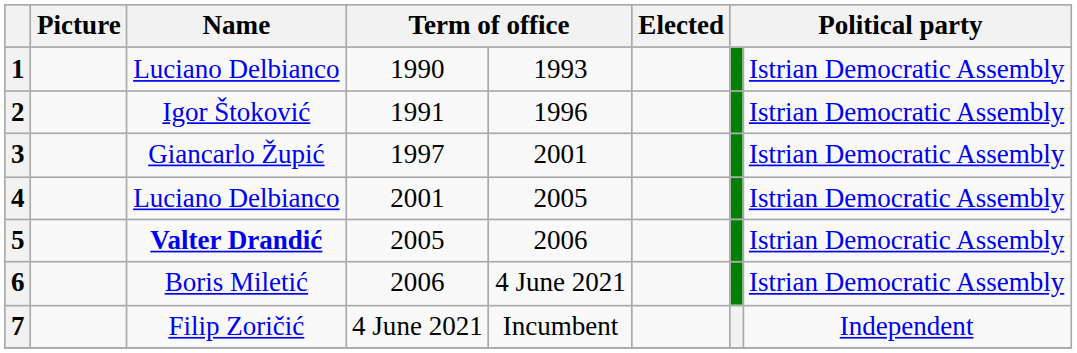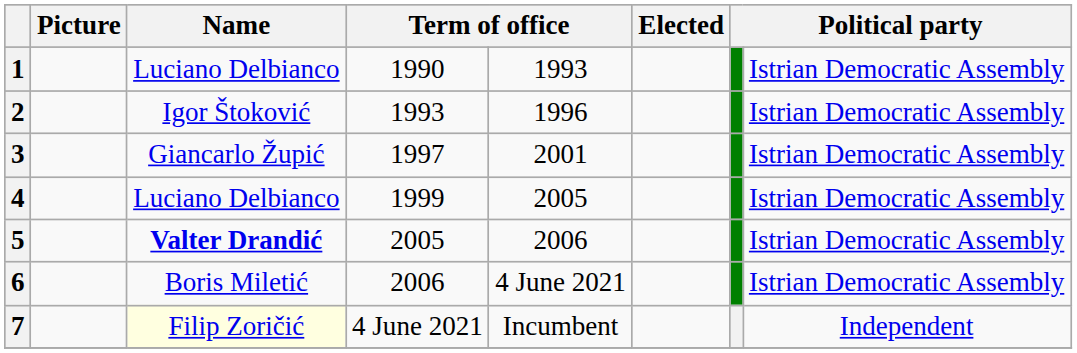 <table class="wikitable" style="text-align:center">
 <tr>
 <th></th>
 <th>Picture</th>
 <th>Name</th>
 <th colspan=2>Term of office</th>
 <th>Elected</th>
 <th colspan=2>Political party</th>
 </tr>
 <tr>
 <th><strong>1</strong></th>
 <td></td>
 <td><a href='#'>Luciano Delbianco</a></td>
 <td>1990</td>
 <td>1993</td>
 <td></td>
 <th style="background-color: green"></th>
 <td><a href='#'>Istrian Democratic Assembly</a></td>
 </tr>
 <tr>
 <th><strong>2</strong></th>
 <td></td>
 <td><a href='#'>Igor Štoković</a></td>
-<td>1991</td>
+<td>1993</td>
 <td>1996</td>
 <td></td>
 <th style="background-color: green"></th>
 <td><a href='#'>Istrian Democratic Assembly</a></td>
 </tr>
 <tr>
 <th><strong>3</strong></th>
 <td></td>
 <td><a href='#'>Giancarlo Župić</a></td>
 <td>1997</td>
 <td>2001</td>
 <td></td>
 <th style="background-color: green"></th>
 <td><a href='#'>Istrian Democratic Assembly</a></td>
 </tr>
 <tr>
 <th><strong>4</strong></th>
 <td></td>
 <td><a href='#'>Luciano Delbianco</a></td>
-<td>2001</td>
+<td>1999</td>
 <td>2005</td>
 <td></td>
 <th style="background-color: green"></th>
 <td><a href='#'>Istrian Democratic Assembly</a></td>
 </tr>
 <tr>
 <th><strong>5</strong></th>
 <td></td>
 <td><strong><a href='#'>Valter Drandić</a></strong></td>
 <td>2005</td>
 <td>2006</td>
 <td></td>
 <th style="background-color: green"></th>
 <td><a href='#'>Istrian Democratic Assembly</a></td>
 </tr>
 <tr>
 <th><strong>6</strong></th>
 <td></td>
 <td><a href='#'>Boris Miletić</a></td>
 <td>2006</td>
 <td>4 June 2021</td>
 <td></td>
 <th style="background-color: green"></th>
 <td><a href='#'>Istrian Democratic Assembly</a></td>
 </tr>
 <tr>
 <th><strong>7</strong></th>
 <td></td>
-<td><a href='#'>Filip Zoričić</a></td>
+<td style="background: lightyellow;"><a href='#'>Filip Zoričić</a></td>
 <td>4 June 2021</td>
 <td>Incumbent</td>
 <td></td>
 <th style="background-color: Independent politician"></th>
 <td><a href='#'>Independent</a></td>
 </tr>
 <tr>
 </tr>
 </table>
